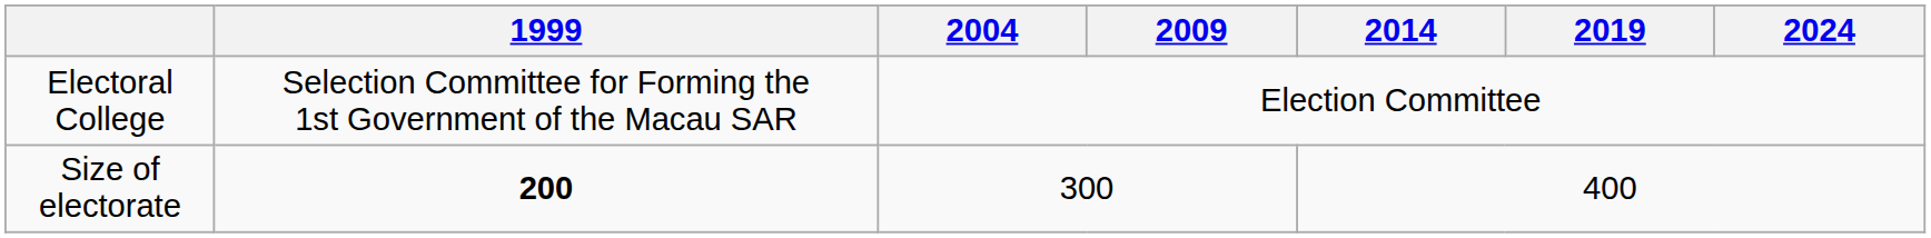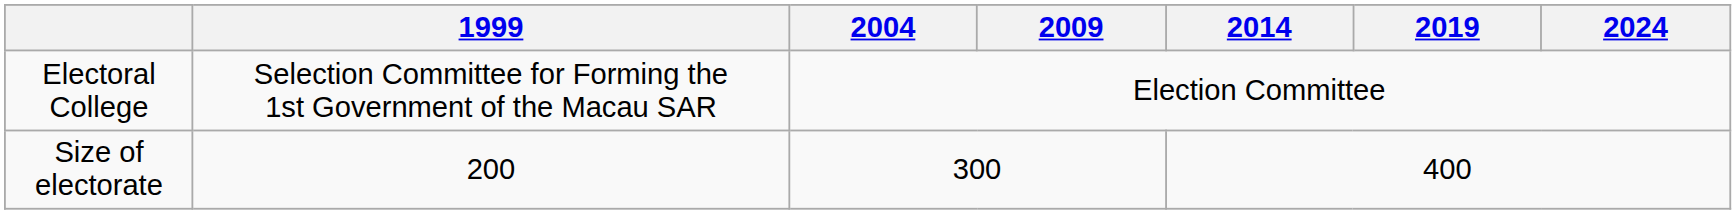 <table class="wikitable" style="text-align: center;">
 <tr>
 <th style=width:6em></th>
 <th style=width:20em><a href='#'>1999</a></th>
 <th style=width:6em><a href='#'>2004</a></th>
 <th style=width:6em><a href='#'>2009</a></th>
 <th style=width:6em><a href='#'>2014</a></th>
 <th style=width:6em><a href='#'>2019</a></th>
 <th style=width:6em><a href='#'>2024</a></th>
 </tr>
 <tr>
 <td>Electoral<br> College</td>
 <td>Selection Committee for Forming the<br> 1st Government of the Macau SAR</td>
 <td colspan="5">Election Committee</td>
 </tr>
 <tr>
 <td>Size of<br> electorate</td>
-<td><strong>200</strong></td>
+<td>200</td>
 <td colspan="2">300</td>
 <td colspan="3">400</td>
 </tr>
 </table>
